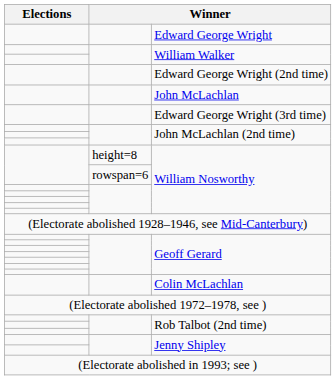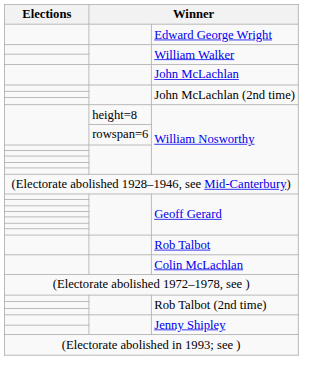 <table class=wikitable>
 <tr>
 <th width=100>Elections</th>
 <th width=220 colspan= 2>Winner</th>
 </tr>
 <tr>
 <td></td>
 <td width=5 bgcolor=></td>
 <td><a href='#'>Edward George Wright</a></td>
 </tr>
 <tr>
 <td></td>
 <td rowspan=2 bgcolor=></td>
 <td rowspan=2><a href='#'>William Walker</a></td>
 </tr>
 <tr>
 <td></td>
 </tr>
 <tr>
 <td></td>
 <td bgcolor=></td>
-<td>Edward George Wright (2nd time)</td>
-</tr>
-<tr>
-<td></td>
-<td bgcolor=></td>
 <td><a href='#'>John McLachlan</a></td>
-</tr>
-<tr>
-<td></td>
-<td bgcolor=></td>
-<td>Edward George Wright (3rd time)</td>
 </tr>
 <tr>
 <td></td>
 <td rowspan=3 bgcolor=></td>
 <td rowspan=3>John McLachlan (2nd time)</td>
 </tr>
 <tr>
 <td></td>
 </tr>
 <tr>
 <td></td>
 </tr>
 <tr>
 <td rowspan=2></td>
 <td>height=8 </td>
 <td rowspan=7><a href='#'>William Nosworthy</a></td>
 </tr>
 <tr>
 <td>rowspan=6 </td>
 </tr>
 <tr>
 <td></td>
 </tr>
 <tr>
 <td></td>
 </tr>
 <tr>
 <td></td>
 </tr>
 <tr>
 <td></td>
 </tr>
 <tr>
 <td></td>
 </tr>
 <tr>
 <td colspan=3 align=center><span>(Electorate abolished 1928–1946, see <a href='#'>Mid-Canterbury</a>)</span></td>
 </tr>
 <tr>
 <td></td>
 <td rowspan=7 bgcolor=></td>
 <td rowspan=7><a href='#'>Geoff Gerard</a></td>
 </tr>
 <tr>
 <td></td>
 </tr>
 <tr>
 <td></td>
 </tr>
 <tr>
 <td></td>
 </tr>
 <tr>
 <td></td>
 </tr>
 <tr>
 <td></td>
 </tr>
 <tr>
 <td></td>
 </tr>
 <tr>
 <td></td>
 <td bgcolor=></td>
+<td><a href='#'>Rob Talbot</a></td>
+</tr>
+<tr>
+<td></td>
+<td bgcolor=></td>
 <td><a href='#'>Colin McLachlan</a></td>
 </tr>
 <tr>
 <td colspan=3 align=center><span>(Electorate abolished 1972–1978, see )</span></td>
 </tr>
 <tr>
 <td></td>
 <td rowspan=3 bgcolor=></td>
 <td rowspan=3>Rob Talbot (2nd time)</td>
 </tr>
 <tr>
 <td></td>
 </tr>
 <tr>
 <td></td>
 </tr>
 <tr>
 <td></td>
 <td rowspan=2 bgcolor=></td>
 <td rowspan=2><a href='#'>Jenny Shipley</a></td>
 </tr>
 <tr>
 <td></td>
 </tr>
 <tr>
 <td colspan=3 align=center><span>(Electorate abolished in 1993; see )</span></td>
 </tr>
 </table>
